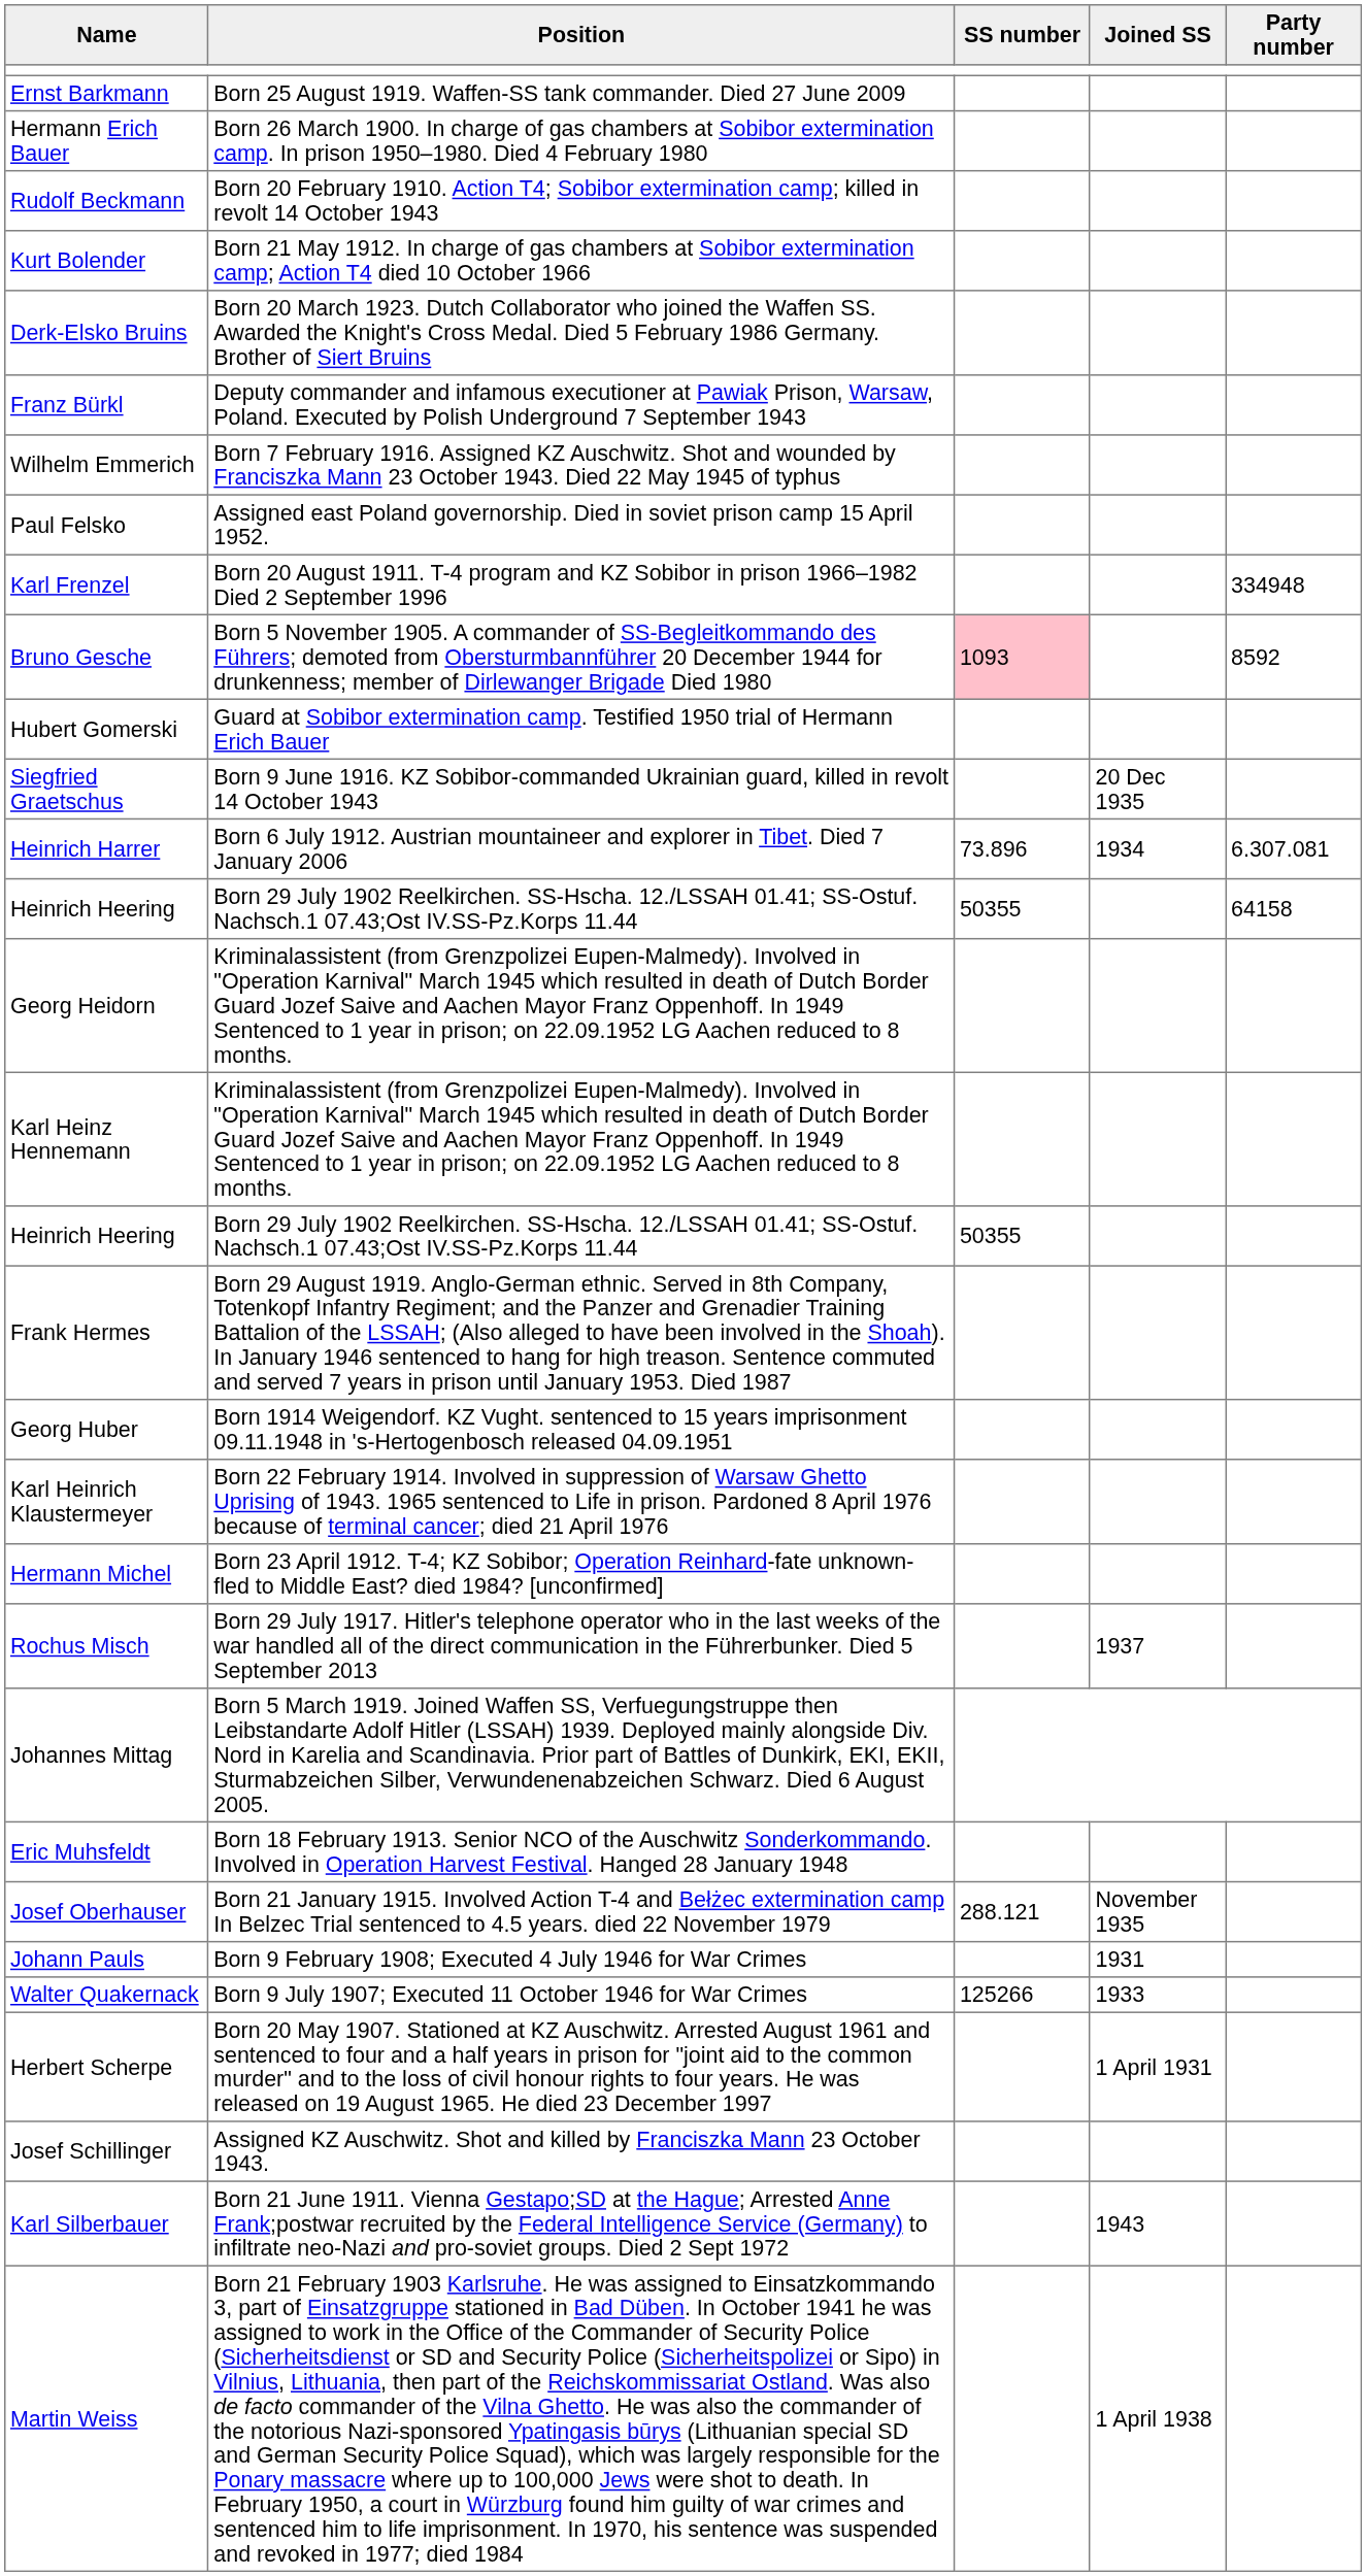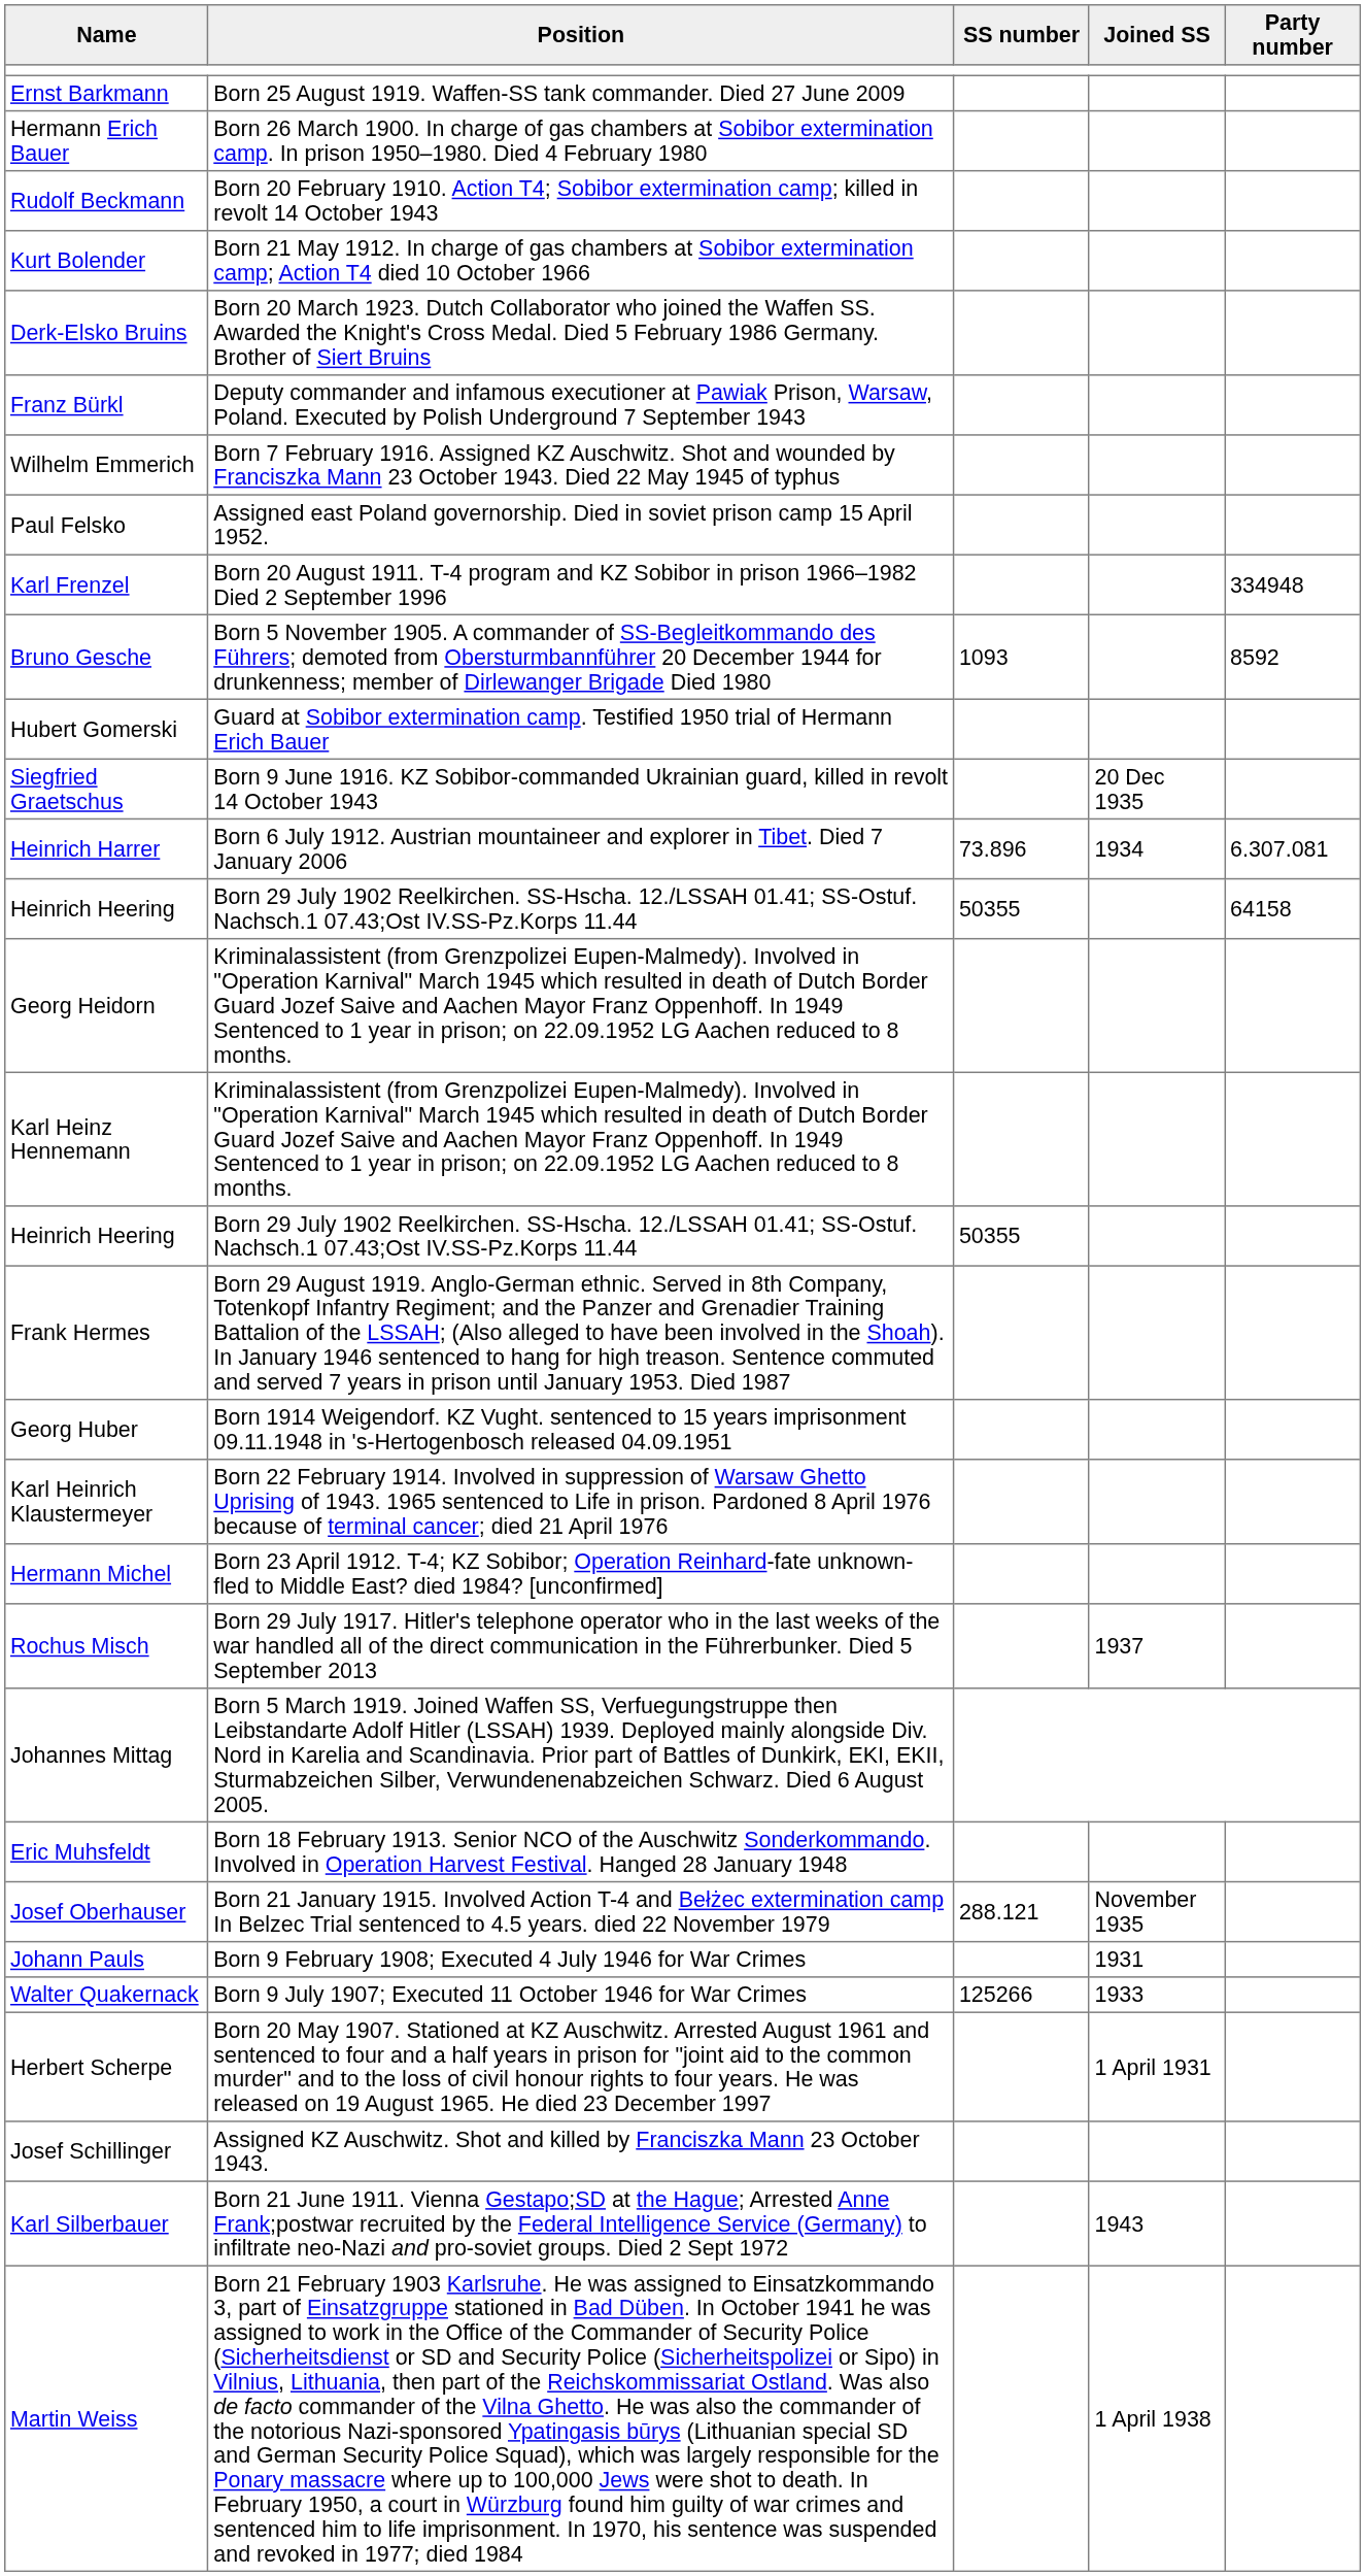 <table align="center" border="1" cellpadding="3" cellspacing="0" style="font-size: 90%; border: gray solid 1px; border-collapse: collapse; text-align: middle;">
 <tr>
 <th bgcolor="#efefef" style="width: 15%">Name</th>
 <th bgcolor="#efefef" style="width: 55%">Position</th>
 <th bgcolor="#efefef" style="width: 10%">SS number</th>
 <th bgcolor="#efefef" style="width: 10%">Joined SS</th>
 <th bgcolor="#efefef" style="width: 10%">Party number</th>
 </tr>
 <tr>
 <td colspan=5></td>
 </tr>
 <tr>
 <td><a href='#'>Ernst Barkmann</a></td>
 <td>Born 25 August 1919. Waffen-SS tank commander. Died 27 June 2009</td>
 <td></td>
 <td></td>
 <td></td>
 </tr>
 <tr>
 <td>Hermann <a href='#'>Erich Bauer</a></td>
 <td>Born 26 March 1900. In charge of gas chambers at <a href='#'>Sobibor extermination camp</a>. In prison 1950–1980. Died 4 February 1980</td>
 <td></td>
 <td></td>
 <td></td>
 </tr>
 <tr>
 <td><a href='#'>Rudolf Beckmann</a></td>
 <td>Born 20 February 1910. <a href='#'>Action T4</a>; <a href='#'>Sobibor extermination camp</a>; killed in revolt 14 October 1943</td>
 <td></td>
 <td></td>
 <td></td>
 </tr>
 <tr>
 <td><a href='#'>Kurt Bolender</a></td>
 <td>Born 21 May 1912. In charge of gas chambers at <a href='#'>Sobibor extermination camp</a>; <a href='#'>Action T4</a> died 10 October 1966</td>
 <td></td>
 <td></td>
 <td></td>
 </tr>
 <tr>
 <td><a href='#'>Derk-Elsko Bruins</a></td>
 <td>Born 20 March 1923. Dutch Collaborator who joined the Waffen SS. Awarded the Knight's Cross Medal. Died 5 February 1986 Germany. Brother of <a href='#'>Siert Bruins</a></td>
 <td></td>
 <td></td>
 <td></td>
 </tr>
 <tr>
 <td><a href='#'>Franz Bürkl</a></td>
 <td>Deputy commander and infamous executioner at <a href='#'>Pawiak</a> Prison, <a href='#'>Warsaw</a>, Poland. Executed by Polish Underground 7 September 1943</td>
 <td></td>
 <td></td>
 <td></td>
 </tr>
 <tr>
 <td>Wilhelm Emmerich</td>
 <td>Born 7 February 1916. Assigned KZ Auschwitz. Shot and wounded by <a href='#'>Franciszka Mann</a> 23 October 1943. Died 22 May 1945 of typhus</td>
 <td></td>
 <td></td>
 <td></td>
 </tr>
 <tr>
 <td>Paul Felsko</td>
 <td>Assigned east Poland governorship. Died in soviet prison camp 15 April 1952.</td>
 <td></td>
 <td></td>
 </tr>
 <tr>
 <td><a href='#'>Karl Frenzel</a></td>
 <td>Born 20 August 1911. T-4 program and KZ Sobibor in prison 1966–1982 Died 2 September 1996</td>
 <td></td>
 <td></td>
 <td>334948</td>
 </tr>
 <tr>
 <td><a href='#'>Bruno Gesche</a></td>
 <td>Born 5 November 1905. A commander of <a href='#'>SS-Begleitkommando des Führers</a>; demoted from <a href='#'>Obersturmbannführer</a> 20 December 1944 for drunkenness; member of <a href='#'>Dirlewanger Brigade</a> Died 1980</td>
-<td style="background: pink;">1093</td>
+<td>1093</td>
 <td></td>
 <td>8592</td>
 </tr>
 <tr>
 <td>Hubert Gomerski</td>
 <td>Guard at <a href='#'>Sobibor extermination camp</a>. Testified 1950 trial of Hermann <a href='#'>Erich Bauer</a></td>
 <td></td>
 <td></td>
 <td></td>
 </tr>
 <tr>
 <td><a href='#'>Siegfried Graetschus</a></td>
 <td>Born 9 June 1916. KZ Sobibor-commanded Ukrainian guard, killed in revolt 14 October 1943</td>
 <td></td>
 <td>20 Dec 1935</td>
 <td></td>
 </tr>
 <tr>
 <td><a href='#'>Heinrich Harrer</a></td>
 <td>Born 6 July 1912. Austrian mountaineer and explorer in <a href='#'>Tibet</a>. Died 7 January 2006</td>
 <td>73.896</td>
 <td>1934</td>
 <td>6.307.081</td>
 </tr>
 <tr>
 <td>Heinrich Heering</td>
 <td>Born 29 July 1902 Reelkirchen. SS-Hscha. 12./LSSAH 01.41; SS-Ostuf. Nachsch.1 07.43;Ost IV.SS-Pz.Korps 11.44</td>
 <td>50355</td>
 <td></td>
 <td>64158</td>
 </tr>
 <tr>
 <td>Georg Heidorn</td>
 <td>Kriminalassistent (from Grenzpolizei Eupen-Malmedy). Involved in "Operation Karnival" March 1945 which resulted in death of Dutch Border Guard Jozef Saive and Aachen Mayor Franz Oppenhoff. In 1949 Sentenced to 1 year in prison; on 22.09.1952 LG Aachen reduced to 8 months.</td>
 <td></td>
 <td></td>
 <td></td>
 </tr>
 <tr>
 <td>Karl Heinz Hennemann</td>
 <td>Kriminalassistent (from Grenzpolizei Eupen-Malmedy). Involved in "Operation Karnival" March 1945 which resulted in death of Dutch Border Guard Jozef Saive and Aachen Mayor Franz Oppenhoff. In 1949 Sentenced to 1 year in prison; on 22.09.1952 LG Aachen reduced to 8 months.</td>
 <td></td>
 <td></td>
 <td></td>
 </tr>
 <tr>
 <td>Heinrich Heering</td>
 <td>Born 29 July 1902 Reelkirchen. SS-Hscha. 12./LSSAH 01.41; SS-Ostuf. Nachsch.1 07.43;Ost IV.SS-Pz.Korps 11.44</td>
 <td>50355</td>
 <td></td>
 <td></td>
 </tr>
 <tr>
 <td>Frank Hermes</td>
 <td>Born 29 August 1919. Anglo-German ethnic. Served in 8th Company, Totenkopf Infantry Regiment; and the Panzer and Grenadier Training Battalion of the <a href='#'>LSSAH</a>; (Also alleged to have been involved in the <a href='#'>Shoah</a>). In January 1946 sentenced to hang for high treason. Sentence commuted and served 7 years in prison until January 1953. Died 1987</td>
 <td></td>
 <td></td>
 <td></td>
 </tr>
 <tr>
 <td>Georg Huber</td>
 <td>Born 1914 Weigendorf. KZ Vught. sentenced to 15 years imprisonment 09.11.1948 in 's-Hertogenbosch released 04.09.1951</td>
 <td></td>
 <td></td>
 <td></td>
 </tr>
 <tr>
 <td>Karl Heinrich Klaustermeyer</td>
 <td>Born 22 February 1914. Involved in suppression of <a href='#'>Warsaw Ghetto Uprising</a> of 1943. 1965 sentenced to Life in prison. Pardoned 8 April 1976 because of <a href='#'>terminal cancer</a>; died 21 April 1976</td>
 <td></td>
 <td></td>
 <td></td>
 </tr>
 <tr>
 <td><a href='#'>Hermann Michel</a></td>
 <td>Born 23 April 1912. T-4; KZ Sobibor; <a href='#'>Operation Reinhard</a>-fate unknown-fled to Middle East? died 1984? [unconfirmed]</td>
 <td></td>
 <td></td>
 <td></td>
 </tr>
 <tr>
 <td><a href='#'>Rochus Misch</a></td>
 <td>Born 29 July 1917. Hitler's telephone operator who in the last weeks of the war handled all of the direct communication in the Führerbunker. Died 5 September 2013</td>
 <td></td>
 <td>1937</td>
 <td></td>
 </tr>
 <tr>
 <td>Johannes Mittag</td>
 <td>Born 5 March 1919. Joined Waffen SS, Verfuegungstruppe then Leibstandarte Adolf Hitler (LSSAH) 1939. Deployed mainly alongside Div. Nord in Karelia and Scandinavia. Prior part of Battles of Dunkirk, EKI, EKII, Sturmabzeichen Silber, Verwundenenabzeichen Schwarz. Died 6 August 2005.</td>
 </tr>
 <tr>
 <td><a href='#'>Eric Muhsfeldt</a></td>
 <td>Born 18 February 1913. Senior NCO of the Auschwitz <a href='#'>Sonderkommando</a>. Involved in <a href='#'>Operation Harvest Festival</a>. Hanged 28 January 1948</td>
 <td></td>
 <td></td>
 <td></td>
 </tr>
 <tr>
 <td><a href='#'>Josef Oberhauser</a></td>
 <td>Born 21 January 1915. Involved Action T-4 and <a href='#'>Bełżec extermination camp</a> In Belzec Trial sentenced to 4.5 years. died 22 November 1979</td>
 <td>288.121</td>
 <td>November 1935</td>
 <td></td>
 </tr>
 <tr>
 <td><a href='#'>Johann Pauls</a></td>
 <td>Born 9 February 1908; Executed 4 July 1946 for War Crimes</td>
 <td></td>
 <td>1931</td>
 <td></td>
 </tr>
 <tr>
 <td><a href='#'>Walter Quakernack</a></td>
 <td>Born 9 July 1907; Executed 11 October 1946 for War Crimes</td>
 <td>125266</td>
 <td>1933</td>
 <td></td>
 </tr>
 <tr>
 <td>Herbert Scherpe</td>
 <td>Born 20 May 1907. Stationed at KZ Auschwitz. Arrested August 1961 and sentenced to four and a half years in prison for "joint aid to the common murder" and to the loss of civil honour rights to four years. He was released on 19 August 1965. He died 23 December 1997</td>
 <td></td>
 <td>1 April 1931</td>
 <td></td>
 </tr>
 <tr>
 <td>Josef Schillinger</td>
 <td>Assigned KZ Auschwitz. Shot and killed by <a href='#'>Franciszka Mann</a> 23 October 1943.</td>
 <td></td>
 <td></td>
 </tr>
 <tr>
 <td><a href='#'>Karl Silberbauer</a></td>
 <td>Born 21 June 1911. Vienna <a href='#'>Gestapo</a>;<a href='#'>SD</a> at <a href='#'>the Hague</a>; Arrested <a href='#'>Anne Frank</a>;postwar recruited by the <a href='#'>Federal Intelligence Service (Germany)</a> to infiltrate neo-Nazi <em>and</em> pro-soviet groups. Died 2 Sept 1972</td>
 <td></td>
 <td>1943</td>
 <td></td>
 </tr>
 <tr>
 <td><a href='#'>Martin Weiss</a></td>
 <td>Born 21 February 1903 <a href='#'>Karlsruhe</a>. He was assigned to Einsatzkommando 3, part of <a href='#'>Einsatzgruppe</a> stationed in <a href='#'>Bad Düben</a>. In October 1941 he was assigned to work in the Office of the Commander of Security Police (<a href='#'>Sicherheitsdienst</a> or SD and Security Police (<a href='#'>Sicherheitspolizei</a> or Sipo) in <a href='#'>Vilnius</a>, <a href='#'>Lithuania</a>, then part of the <a href='#'>Reichskommissariat Ostland</a>. Was also <em>de facto</em> commander of the <a href='#'>Vilna Ghetto</a>. He was also the commander of the notorious Nazi-sponsored <a href='#'>Ypatingasis būrys</a> (Lithuanian special SD and German Security Police Squad), which was largely responsible for the <a href='#'>Ponary massacre</a> where up to 100,000 <a href='#'>Jews</a> were shot to death.  In February 1950, a court in <a href='#'>Würzburg</a> found him guilty of war crimes and sentenced him to life imprisonment. In 1970, his sentence was suspended and revoked in 1977; died 1984</td>
 <td></td>
 <td>1 April 1938</td>
 <td></td>
 </tr>
 <tr>
 </tr>
 </table>
